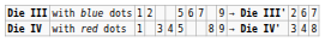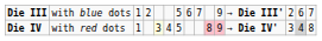 <table border="1" class="wikitable">
 <tr>
 <td><strong>Die III</strong></td>
 <td>with <em>blue</em> dots</td>
 <td>1</td>
 <td>2</td>
 <td></td>
 <td></td>
 <td>5</td>
 <td>6</td>
 <td>7</td>
 <td></td>
 <td>9</td>
 <td>→ <strong> Die III' </strong></td>
 <td>2</td>
 <td>6</td>
 <td>7</td>
 </tr>
 <tr>
 <td><strong>Die IV</strong></td>
 <td>with <em>red</em> dots</td>
 <td>1</td>
 <td></td>
-<td>3</td>
+<td style="background: lightyellow;">3</td>
 <td>4</td>
 <td>5</td>
 <td></td>
 <td></td>
-<td>8</td>
-<td>9</td>
+<td style="background: pink;">8</td>
+<td style="background: pink;">9</td>
 <td>→ <strong> Die IV' </strong></td>
 <td>3</td>
-<td>4</td>
+<td style="background: lightgrey;">4</td>
 <td>8</td>
 </tr>
 </table>
